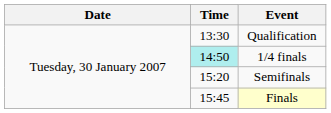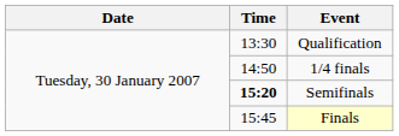 <table class = "wikitable" style="text-align:center;">
 <tr>
 <th width=220>Date</th>
 <th width=50>Time</th>
 <th width=100>Event</th>
 </tr>
 <tr>
 <td rowspan=4>Tuesday, 30 January 2007</td>
 <td>13:30</td>
 <td>Qualification</td>
 </tr>
 <tr>
-<td style="background: paleturquoise;">14:50</td>
+<td>14:50</td>
 <td>1/4 finals</td>
 </tr>
 <tr>
-<td>15:20</td>
+<td><strong>15:20</strong></td>
 <td>Semifinals</td>
 </tr>
 <tr>
 <td>15:45</td>
 <td bgcolor=ffffcc>Finals</td>
 </tr>
 </table>
